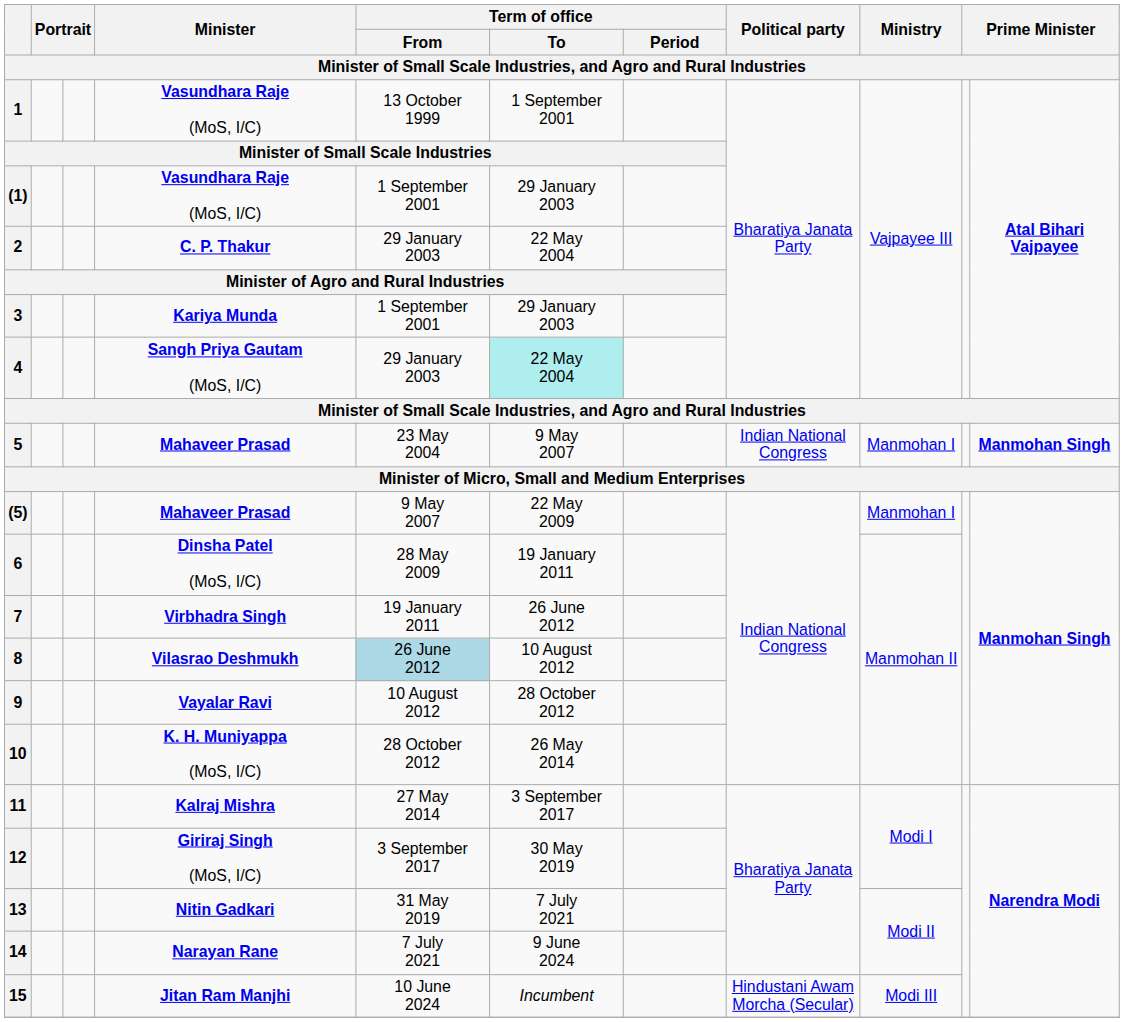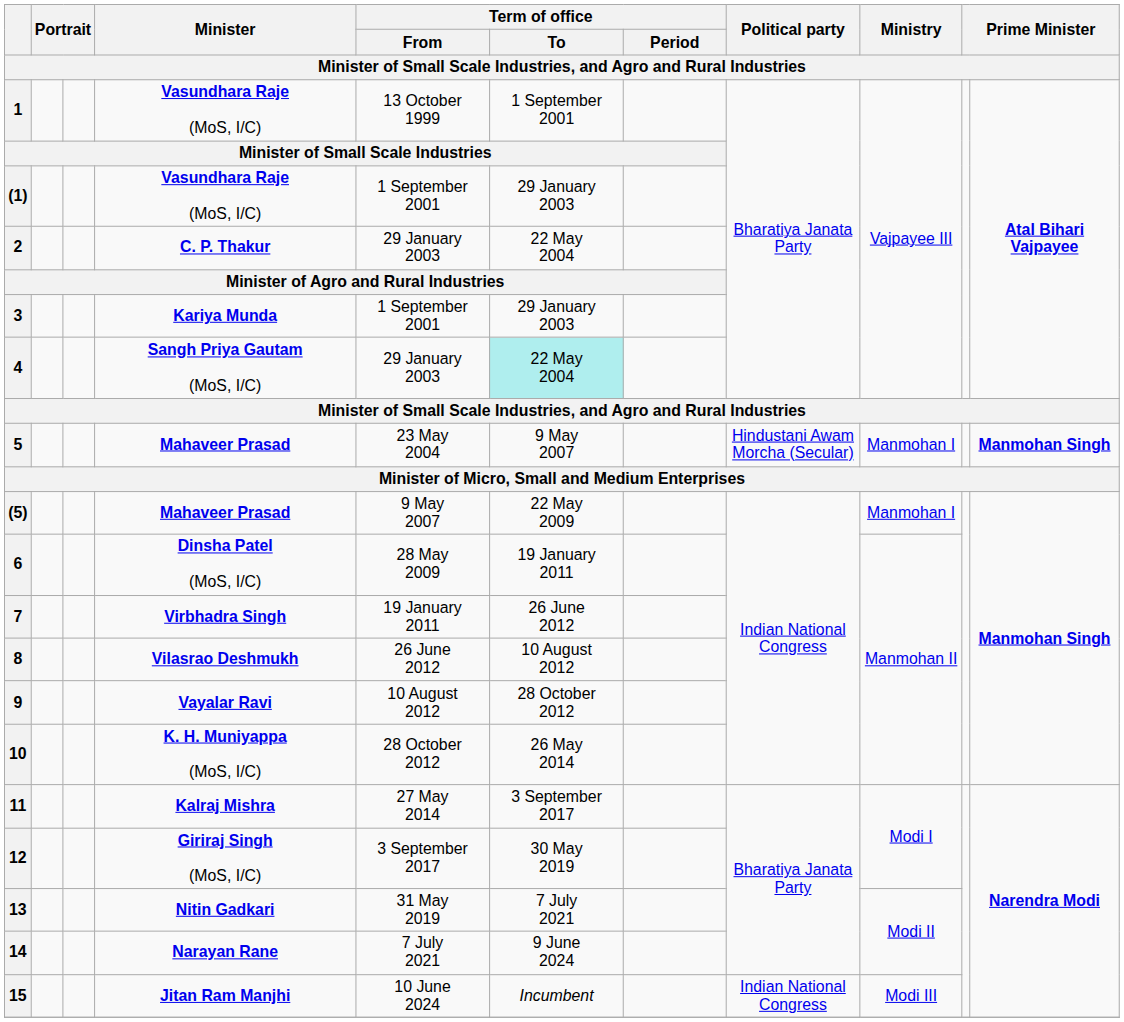 <table class="wikitable" style="text-align:center">
 <tr>
 <th rowspan="2"></th>
 <th rowspan="2" colspan="2">Portrait</th>
 <th rowspan="2" style="width:16em">Minister<br></th>
 <th colspan="3">Term of office</th>
 <th rowspan="2" style="width:8em">Political party</th>
 <th rowspan="2" style="width:6em">Ministry</th>
 <th rowspan="2" colspan="2">Prime Minister</th>
 </tr>
 <tr>
 <th style="width:8em">From</th>
 <th style="width:8em">To</th>
 <th style="width:6em">Period</th>
 </tr>
 <tr>
 <th colspan="11">Minister of Small Scale Industries, and Agro and Rural Industries</th>
 </tr>
 <tr>
 <th>1</th>
 <td></td>
 <td></td>
 <td><strong><a href='#'>Vasundhara Raje</a></strong><br><br>(MoS, I/C)</td>
 <td>13 October<br>1999</td>
 <td>1 September<br>2001</td>
 <td><strong></strong></td>
 <td rowspan="7"><a href='#'>Bharatiya Janata Party</a></td>
 <td rowspan="7"><a href='#'>Vajpayee III</a></td>
 <td rowspan="7"></td>
 <td rowspan="7" style="width:9em"><strong><a href='#'>Atal Bihari Vajpayee</a></strong></td>
 </tr>
 <tr>
 <th colspan="7">Minister of Small Scale Industries</th>
 </tr>
 <tr>
 <th>(1)</th>
 <td></td>
 <td></td>
 <td><strong><a href='#'>Vasundhara Raje</a></strong><br><br>(MoS, I/C)</td>
 <td>1 September<br>2001</td>
 <td>29 January<br>2003</td>
 <td><strong></strong></td>
 </tr>
 <tr>
 <th>2</th>
 <td></td>
 <td></td>
 <td><strong><a href='#'>C. P. Thakur</a></strong><br></td>
 <td>29 January<br>2003</td>
 <td>22 May<br>2004</td>
 <td><strong></strong></td>
 </tr>
 <tr>
 <th colspan="7">Minister of Agro and Rural Industries</th>
 </tr>
 <tr>
 <th>3</th>
 <td></td>
 <td></td>
 <td><strong><a href='#'>Kariya Munda</a></strong><br></td>
 <td>1 September<br>2001</td>
 <td>29 January<br>2003</td>
 <td><strong></strong></td>
 </tr>
 <tr>
 <th>4</th>
 <td></td>
 <td></td>
 <td><strong><a href='#'>Sangh Priya Gautam</a></strong><br><br>(MoS, I/C)</td>
 <td>29 January<br>2003</td>
 <td style="background: paleturquoise;">22 May<br>2004</td>
 <td><strong></strong></td>
 </tr>
 <tr>
 <th colspan="11">Minister of Small Scale Industries, and Agro and Rural Industries</th>
 </tr>
 <tr>
 <th>5</th>
 <td></td>
 <td></td>
 <td><strong><a href='#'>Mahaveer Prasad</a></strong><br></td>
 <td>23 May<br>2004</td>
 <td>9 May<br>2007</td>
 <td><strong></strong></td>
-<td><a href='#'>Indian National Congress</a></td>
+<td><a href='#'>Hindustani Awam Morcha (Secular)</a></td>
 <td><a href='#'>Manmohan I</a></td>
 <td></td>
 <td><strong><a href='#'>Manmohan Singh</a></strong></td>
 </tr>
 <tr>
 <th colspan="11">Minister of Micro, Small and Medium Enterprises</th>
 </tr>
 <tr>
 <th>(5)</th>
 <td></td>
 <td></td>
 <td><strong><a href='#'>Mahaveer Prasad</a></strong><br></td>
 <td>9 May<br>2007</td>
 <td>22 May<br>2009</td>
 <td><strong></strong></td>
 <td rowspan="6"><a href='#'>Indian National Congress</a></td>
 <td><a href='#'>Manmohan I</a></td>
 <td rowspan="6"></td>
 <td rowspan="6"><strong><a href='#'>Manmohan Singh</a></strong></td>
 </tr>
 <tr>
 <th>6</th>
 <td></td>
 <td></td>
 <td><strong><a href='#'>Dinsha Patel</a></strong><br><br>(MoS, I/C)</td>
 <td>28 May<br>2009</td>
 <td>19 January<br>2011</td>
 <td><strong></strong></td>
 <td rowspan="5"><a href='#'>Manmohan II</a></td>
 </tr>
 <tr>
 <th>7</th>
 <td></td>
 <td></td>
 <td><strong><a href='#'>Virbhadra Singh</a></strong><br></td>
 <td>19 January<br>2011</td>
 <td>26 June<br>2012</td>
 <td><strong></strong></td>
 </tr>
 <tr>
 <th>8</th>
 <td></td>
 <td></td>
 <td><strong><a href='#'>Vilasrao Deshmukh</a></strong><br></td>
-<td style="background: lightblue;">26 June<br>2012</td>
+<td>26 June<br>2012</td>
 <td>10 August<br>2012</td>
 <td><strong></strong></td>
 </tr>
 <tr>
 <th>9</th>
 <td></td>
 <td></td>
 <td><strong><a href='#'>Vayalar Ravi</a></strong><br></td>
 <td>10 August<br>2012</td>
 <td>28 October<br>2012</td>
 <td><strong></strong></td>
 </tr>
 <tr>
 <th>10</th>
 <td></td>
 <td></td>
 <td><strong><a href='#'>K. H. Muniyappa</a></strong><br><br>(MoS, I/C)</td>
 <td>28 October<br>2012</td>
 <td>26 May<br>2014</td>
 <td><strong></strong></td>
 </tr>
 <tr>
 <th>11</th>
 <td></td>
 <td></td>
 <td><strong><a href='#'>Kalraj Mishra</a></strong><br></td>
 <td>27 May<br>2014</td>
 <td>3 September<br>2017</td>
 <td><strong></strong></td>
 <td rowspan="4"><a href='#'>Bharatiya Janata Party</a></td>
 <td rowspan="2"><a href='#'>Modi I</a></td>
 <td rowspan="5"></td>
 <td rowspan="5"><strong><a href='#'>Narendra Modi</a></strong></td>
 </tr>
 <tr>
 <th>12</th>
 <td></td>
 <td></td>
 <td><strong><a href='#'>Giriraj Singh</a></strong><br><br>(MoS, I/C)</td>
 <td>3 September<br>2017</td>
 <td>30 May<br>2019</td>
 <td><strong></strong></td>
 </tr>
 <tr>
 <th>13</th>
 <td></td>
 <td></td>
 <td><strong><a href='#'>Nitin Gadkari</a></strong><br></td>
 <td>31 May<br>2019</td>
 <td>7 July<br>2021</td>
 <td><strong></strong></td>
 <td rowspan="2"><a href='#'>Modi II</a></td>
 </tr>
 <tr>
 <th>14</th>
 <td></td>
 <td></td>
 <td><strong><a href='#'>Narayan Rane</a></strong><br></td>
 <td>7 July<br>2021</td>
 <td>9 June<br>2024</td>
 <td><strong></strong></td>
 </tr>
 <tr>
 <th>15</th>
 <td></td>
 <td></td>
 <td><strong><a href='#'>Jitan Ram Manjhi</a></strong><br></td>
 <td>10 June<br>2024</td>
 <td><em>Incumbent</em></td>
 <td><strong></strong></td>
-<td><a href='#'>Hindustani Awam Morcha (Secular)</a></td>
+<td><a href='#'>Indian National Congress</a></td>
 <td><a href='#'>Modi III</a></td>
 </tr>
 <tr>
 </tr>
 </table>
